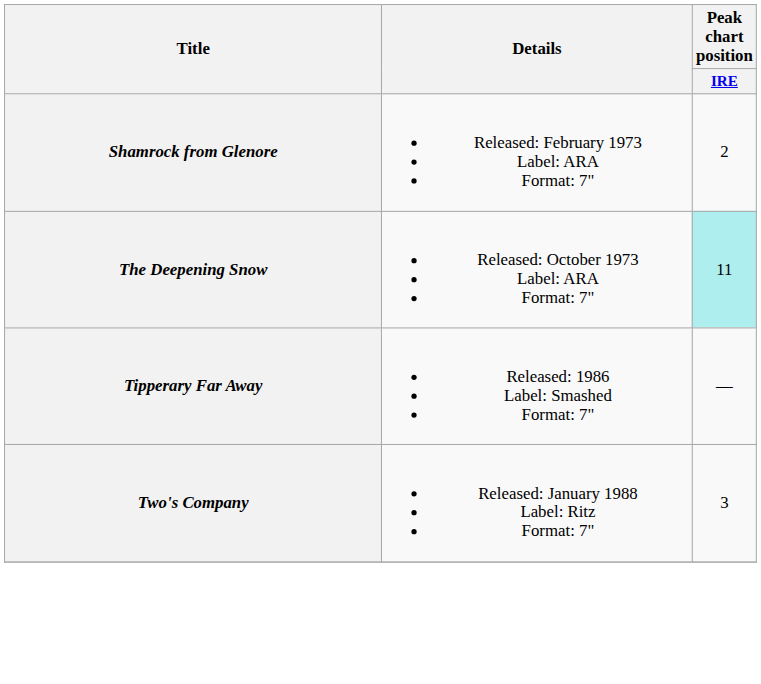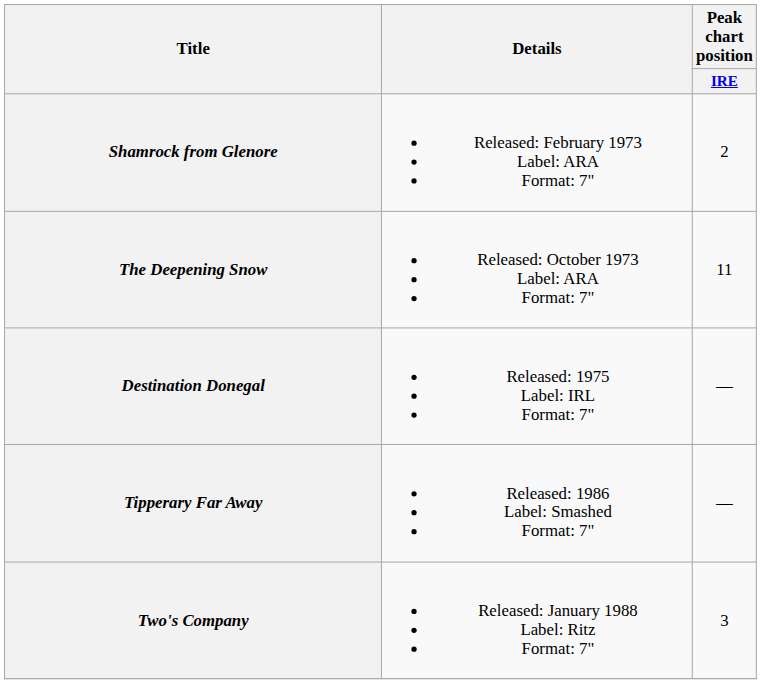 <table class="wikitable plainrowheaders" style="text-align:center;">
 <tr>
 <th style="width:22em;" rowspan="2">Title</th>
 <th style="width:18em;" rowspan="2">Details</th>
 <th scope="col" colspan="1">Peak chart<br>position</th>
 </tr>
 <tr>
 <th scope="col" style="width:2.5em; font-size:90%;"><a href='#'>IRE</a><br></th>
 </tr>
 <tr>
 <th scope = "row"><em>Shamrock from Glenore</em></th>
 <td><br><ul><li>Released: February 1973</li><li>Label: ARA</li><li>Format: 7"</li></ul></td>
 <td>2</td>
 </tr>
 <tr>
 <th scope = "row"><em>The Deepening Snow</em></th>
 <td><br><ul><li>Released: October 1973</li><li>Label: ARA</li><li>Format: 7"</li></ul></td>
-<td style="background: paleturquoise;">11</td>
+<td>11</td>
+</tr>
+<tr>
+<th scope = "row"><em>Destination Donegal</em></th>
+<td><br><ul><li>Released: 1975</li><li>Label: IRL</li><li>Format: 7"</li></ul></td>
+<td>—</td>
 </tr>
 <tr>
 <th scope = "row"><em>Tipperary Far Away</em></th>
 <td><br><ul><li>Released: 1986</li><li>Label: Smashed</li><li>Format: 7"</li></ul></td>
 <td>—</td>
 </tr>
 <tr>
 <th scope = "row"><em>Two's Company</em><br></th>
 <td><br><ul><li>Released: January 1988</li><li>Label: Ritz</li><li>Format: 7"</li></ul></td>
 <td>3</td>
 </tr>
 <tr>
 </tr>
 </table>
